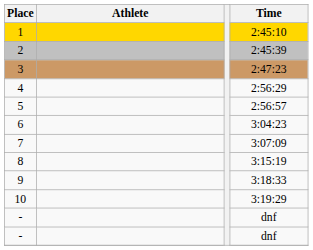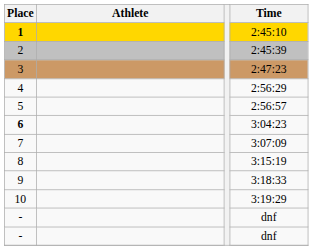 <table class="wikitable" style="text-align:center">
 <tr>
 <th>Place</th>
 <th width=250>Athlete</th>
 <th rowspan=27></th>
 <th width=100>Time</th>
 </tr>
 <tr bgcolor=gold>
-<td>1</td>
+<td><strong>1</strong></td>
 <td align=left></td>
 <td>2:45:10</td>
 </tr>
 <tr bgcolor=silver>
 <td>2</td>
 <td align=left></td>
 <td>2:45:39</td>
 </tr>
 <tr bgcolor=cc9966>
 <td>3</td>
 <td align=left></td>
 <td>2:47:23</td>
 </tr>
 <tr>
 <td>4</td>
 <td align=left></td>
 <td>2:56:29</td>
 </tr>
 <tr>
 <td>5</td>
 <td align=left></td>
 <td>2:56:57</td>
 </tr>
 <tr>
-<td>6</td>
+<td><strong>6</strong></td>
 <td align=left></td>
 <td>3:04:23</td>
 </tr>
 <tr>
 <td>7</td>
 <td align=left></td>
 <td>3:07:09</td>
 </tr>
 <tr>
 <td>8</td>
 <td align=left></td>
 <td>3:15:19</td>
 </tr>
 <tr>
 <td>9</td>
 <td align=left></td>
 <td>3:18:33</td>
 </tr>
 <tr>
 <td>10</td>
 <td align=left></td>
 <td>3:19:29</td>
 </tr>
 <tr>
 <td>-</td>
 <td align=left></td>
 <td>dnf</td>
 </tr>
 <tr>
 <td>-</td>
 <td align=left></td>
 <td>dnf</td>
 </tr>
 <tr>
 </tr>
 </table>
